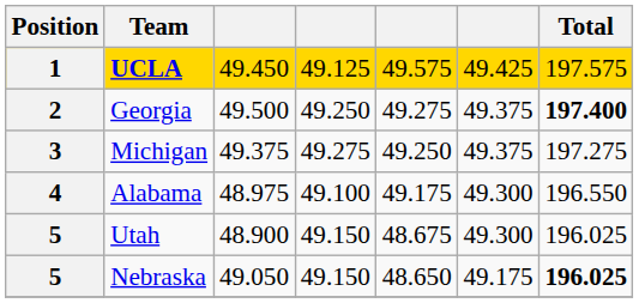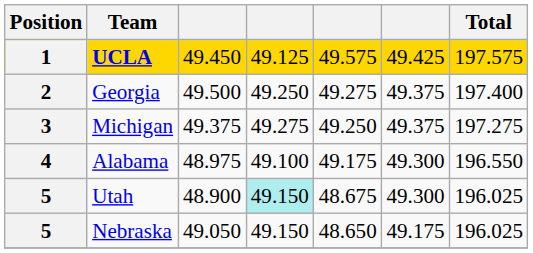 <table class="wikitable sortable" style="text-align:center; font-size:95%">
 <tr>
 <th scope=col>Position</th>
 <th scope=col>Team</th>
 <th scope=col></th>
 <th scope=col></th>
 <th scope=col></th>
 <th scope=col></th>
 <th scope=col>Total</th>
 </tr>
 <tr bgcolor=gold>
 <th scope=row>1</th>
 <td align=left><strong><a href='#'>UCLA</a></strong></td>
 <td>49.450</td>
 <td>49.125</td>
 <td>49.575</td>
 <td>49.425</td>
 <td>197.575</td>
 </tr>
 <tr>
 <th scope=row>2</th>
 <td align=left><a href='#'>Georgia</a></td>
 <td>49.500</td>
 <td>49.250</td>
 <td>49.275</td>
 <td>49.375</td>
-<td><strong>197.400</strong></td>
+<td>197.400</td>
 </tr>
 <tr>
 <th scope=row>3</th>
 <td align=left><a href='#'>Michigan</a></td>
 <td>49.375</td>
 <td>49.275</td>
 <td>49.250</td>
 <td>49.375</td>
 <td>197.275</td>
 </tr>
 <tr>
 <th scope=row>4</th>
 <td align=left><a href='#'>Alabama</a></td>
 <td>48.975</td>
 <td>49.100</td>
 <td>49.175</td>
 <td>49.300</td>
 <td>196.550</td>
 </tr>
 <tr>
 <th scope=row>5</th>
 <td align=left><a href='#'>Utah</a></td>
 <td>48.900</td>
-<td>49.150</td>
+<td style="background: paleturquoise;">49.150</td>
 <td>48.675</td>
 <td>49.300</td>
 <td>196.025</td>
 </tr>
 <tr>
 <th scope=row>5</th>
 <td align=left><a href='#'>Nebraska</a></td>
 <td>49.050</td>
 <td>49.150</td>
 <td>48.650</td>
 <td>49.175</td>
-<td><strong>196.025</strong></td>
+<td>196.025</td>
 </tr>
 <tr>
 </tr>
 </table>
